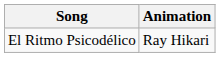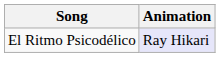 <table class="wikitable">
 <tr>
 <th>Song</th>
 <th>Animation</th>
 </tr>
 <tr>
 <td>El Ritmo Psicodélico</td>
-<td>Ray Hikari</td>
+<td style="background: lavender;">Ray Hikari</td>
 </tr>
 </table>
